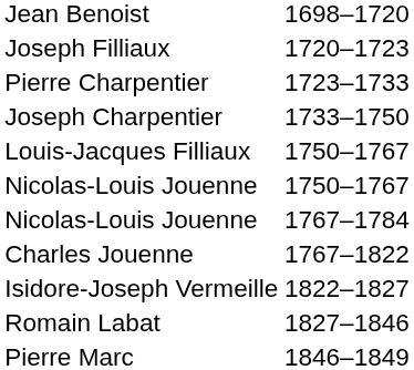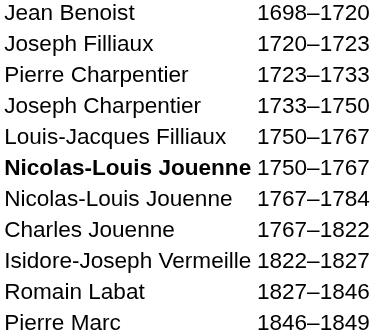 <table>
 <tr>
 <td>Jean Benoist</td>
 <td>1698–1720</td>
 </tr>
 <tr>
 <td>Joseph Filliaux</td>
 <td>1720–1723</td>
 </tr>
 <tr>
 <td>Pierre Charpentier</td>
 <td>1723–1733</td>
 </tr>
 <tr>
 <td>Joseph Charpentier</td>
 <td>1733–1750</td>
 </tr>
 <tr>
 <td>Louis-Jacques Filliaux</td>
 <td>1750–1767</td>
 </tr>
 <tr>
-<td>Nicolas-Louis Jouenne</td>
+<td><strong>Nicolas-Louis Jouenne</strong></td>
 <td>1750–1767</td>
 </tr>
 <tr>
 <td>Nicolas-Louis Jouenne</td>
 <td>1767–1784</td>
 </tr>
 <tr>
 <td>Charles Jouenne</td>
 <td>1767–1822</td>
 </tr>
 <tr>
 <td>Isidore-Joseph Vermeille</td>
 <td>1822–1827</td>
 </tr>
 <tr>
 <td>Romain Labat</td>
 <td>1827–1846</td>
 </tr>
 <tr>
 <td>Pierre Marc</td>
 <td>1846–1849</td>
 </tr>
 </table>
